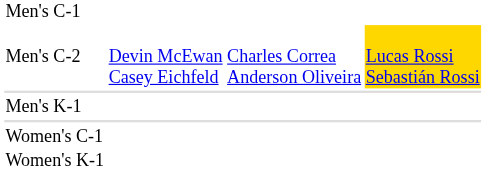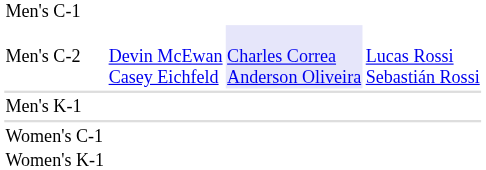 <table>
 <tr>
 <td>Men's C-1<br></td>
 <td></td>
 <td></td>
 <td></td>
 </tr>
 <tr>
 <td>Men's C-2<br></td>
 <td><br><a href='#'>Devin McEwan</a><br><a href='#'>Casey Eichfeld</a></td>
-<td><br><a href='#'>Charles Correa</a><br><a href='#'>Anderson Oliveira</a></td>
-<td style="background: gold;"><br><a href='#'>Lucas Rossi</a><br><a href='#'>Sebastián Rossi</a></td>
+<td style="background: lavender;"><br><a href='#'>Charles Correa</a><br><a href='#'>Anderson Oliveira</a></td>
+<td><br><a href='#'>Lucas Rossi</a><br><a href='#'>Sebastián Rossi</a></td>
 </tr>
 <tr bgcolor=#DDDDDD>
 <td colspan=7></td>
 </tr>
 <tr>
 <td>Men's K-1<br></td>
 <td></td>
 <td></td>
 <td></td>
 </tr>
 <tr bgcolor=#DDDDDD>
 <td colspan=7></td>
 </tr>
 <tr>
 <td>Women's C-1<br></td>
 <td></td>
 <td></td>
 <td></td>
 </tr>
 <tr>
 <td>Women's K-1<br></td>
 <td></td>
 <td></td>
 <td></td>
 </tr>
 </table>
